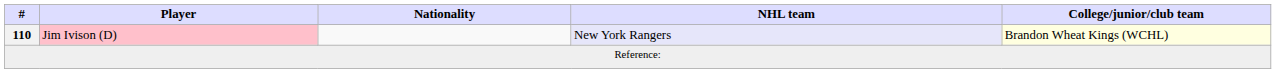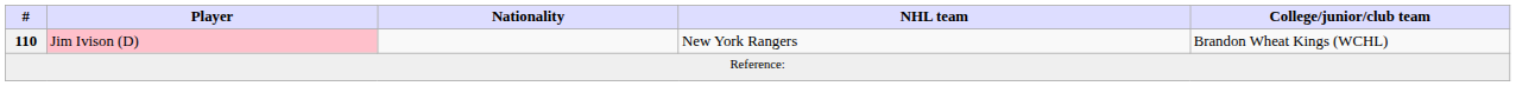 <table class="wikitable" style="width: 100%">
 <tr>
 <th style="background:#ddf; width:2.75%;">#</th>
 <th style="background:#ddf; width:22.0%;">Player</th>
 <th style="background:#ddf; width:20.0%;">Nationality</th>
 <th style="background:#ddf; width:34.0%;">NHL team</th>
 <th style="background:#ddf; width:100.0%;">College/junior/club team</th>
 </tr>
 <tr>
 <th>110</th>
 <td style="background: pink;">Jim Ivison (D)</td>
 <td></td>
-<td style="background: lavender;">New York Rangers</td>
-<td style="background: lightyellow;">Brandon Wheat Kings (WCHL)</td>
+<td>New York Rangers</td>
+<td>Brandon Wheat Kings (WCHL)</td>
 </tr>
 <tr>
 <td align=center colspan="6" bgcolor="#efefef"><sup>Reference: </sup></td>
 </tr>
 </table>
